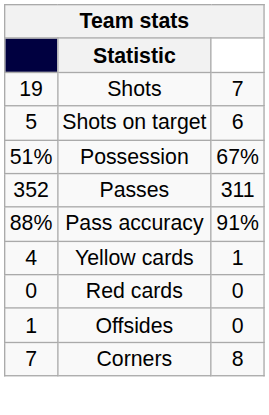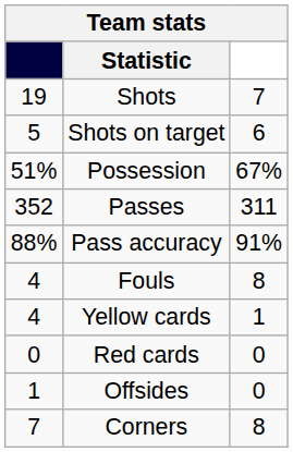 <table class="wikitable" style="margin-left: auto; margin-right: auto; border: none; text-align:center;">
 <tr>
 <th colspan=3>Team stats</th>
 </tr>
 <tr>
 <th style="background:  #000040; color: #e4007c;"> <a href='#'></a></th>
 <th>Statistic</th>
 <th style="background: #FFFFFF; color: #000000;"> <a href='#'></a></th>
 </tr>
 <tr>
 <td>19</td>
 <td>Shots</td>
 <td>7</td>
 </tr>
 <tr>
 <td>5</td>
 <td>Shots on target</td>
 <td>6</td>
 </tr>
 <tr>
 <td>51%</td>
 <td>Possession</td>
 <td>67%</td>
 </tr>
 <tr>
 <td>352</td>
 <td>Passes</td>
 <td>311</td>
 </tr>
 <tr>
 <td>88%</td>
 <td>Pass accuracy</td>
 <td>91%</td>
 </tr>
 <tr>
 <td>4</td>
+<td>Fouls</td>
+<td>8</td>
+</tr>
+<tr>
+<td>4</td>
 <td>Yellow cards</td>
 <td>1</td>
 </tr>
 <tr>
 <td>0</td>
 <td>Red cards</td>
 <td>0</td>
 </tr>
 <tr>
 <td>1</td>
 <td>Offsides</td>
 <td>0</td>
 </tr>
 <tr>
 <td>7</td>
 <td>Corners</td>
 <td>8</td>
 </tr>
 </table>
